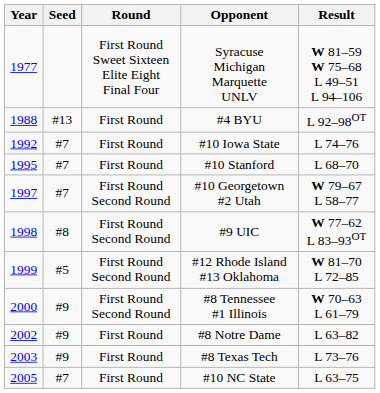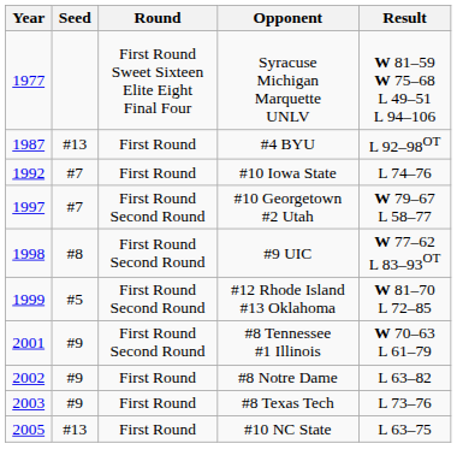 <table class="wikitable sortable" style="width: 50%">
 <tr>
 <th>Year</th>
 <th>Seed</th>
 <th>Round</th>
 <th>Opponent</th>
 <th>Result</th>
 </tr>
 <tr align="center">
 <td><a href='#'>1977</a></td>
 <td></td>
 <td>First Round<br>Sweet Sixteen<br>Elite Eight<br>Final Four<br></td>
 <td><br>Syracuse<br>Michigan<br>Marquette<br>UNLV</td>
 <td><br><strong>W</strong> 81–59<br><strong>W</strong> 75–68<br>L 49–51<br>L 94–106</td>
 </tr>
 <tr align="center">
-<td><a href='#'>1988</a></td>
+<td><a href='#'>1987</a></td>
 <td>#13</td>
 <td>First Round</td>
 <td>#4 BYU</td>
 <td>L 92–98<sup>OT</sup></td>
 </tr>
 <tr align="center">
 <td><a href='#'>1992</a></td>
 <td>#7</td>
 <td>First Round</td>
 <td>#10 Iowa State</td>
 <td>L 74–76</td>
-</tr>
-<tr align="center">
-<td><a href='#'>1995</a></td>
-<td>#7</td>
-<td>First Round</td>
-<td>#10 Stanford</td>
-<td>L 68–70</td>
 </tr>
 <tr align="center">
 <td><a href='#'>1997</a></td>
 <td>#7</td>
 <td>First Round<br>Second Round</td>
 <td>#10 Georgetown<br>#2 Utah</td>
 <td><strong>W</strong> 79–67<br>L 58–77</td>
 </tr>
 <tr align="center">
 <td><a href='#'>1998</a></td>
 <td>#8</td>
 <td>First Round<br>Second Round</td>
 <td>#9 UIC<br></td>
 <td><strong>W</strong> 77–62<br>L 83–93<sup>OT</sup></td>
 </tr>
 <tr align="center">
 <td><a href='#'>1999</a></td>
 <td>#5</td>
 <td>First Round<br>Second Round</td>
 <td>#12 Rhode Island<br>#13 Oklahoma</td>
 <td><strong>W</strong> 81–70<br>L 72–85</td>
 </tr>
 <tr align="center">
-<td><a href='#'>2000</a></td>
+<td><a href='#'>2001</a></td>
 <td>#9</td>
 <td>First Round<br>Second Round</td>
 <td>#8 Tennessee<br>#1 Illinois</td>
 <td><strong>W</strong> 70–63<br>L 61–79</td>
 </tr>
 <tr align="center">
 <td><a href='#'>2002</a></td>
 <td>#9</td>
 <td>First Round</td>
 <td>#8 Notre Dame</td>
 <td>L 63–82</td>
 </tr>
 <tr align="center">
 <td><a href='#'>2003</a></td>
 <td>#9</td>
 <td>First Round</td>
 <td>#8 Texas Tech</td>
 <td>L 73–76</td>
 </tr>
 <tr align="center">
 <td><a href='#'>2005</a></td>
-<td>#7</td>
+<td>#13</td>
 <td>First Round</td>
 <td>#10 NC State</td>
 <td>L 63–75</td>
 </tr>
 </table>
